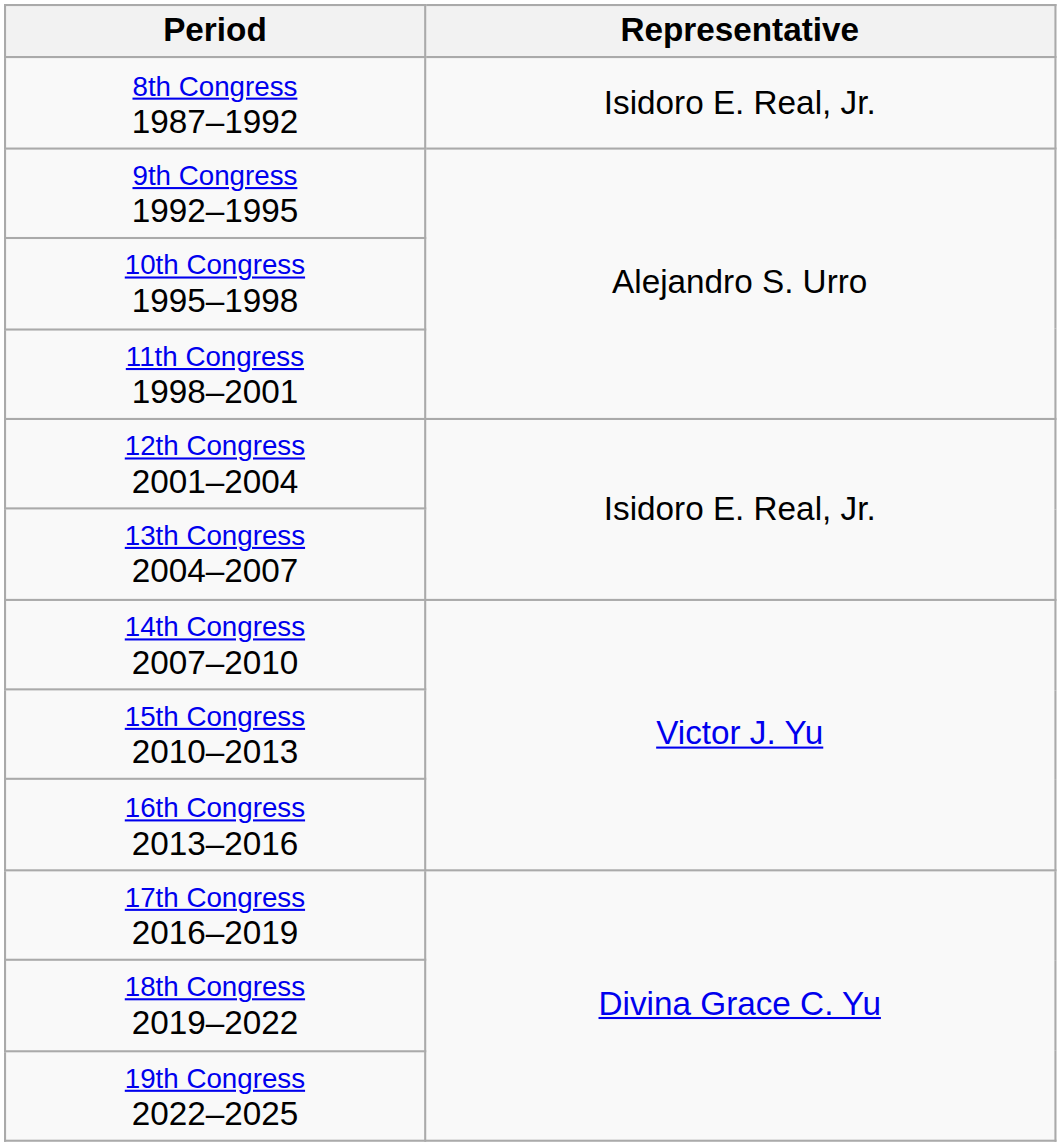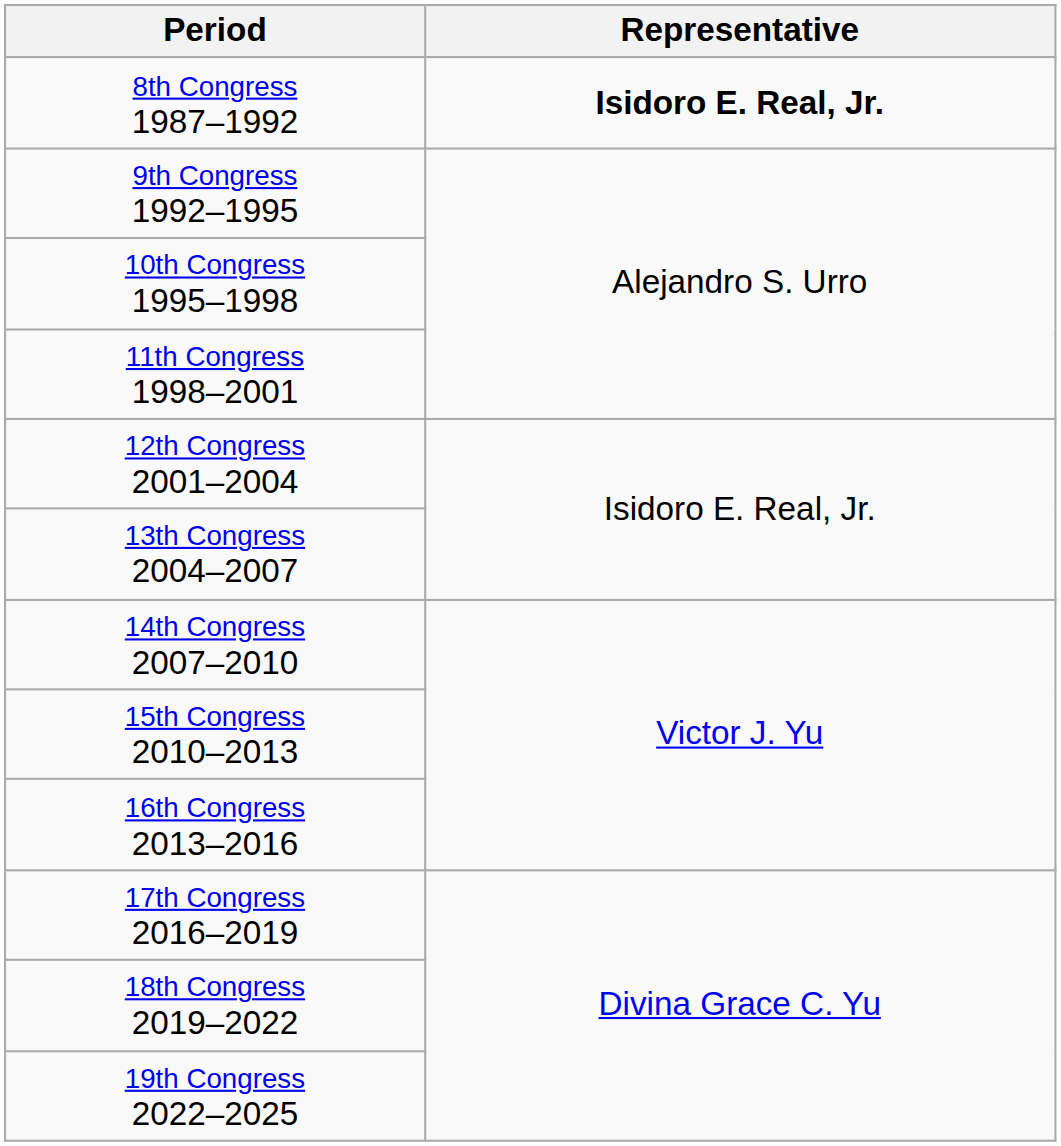 <table class="wikitable" style="text-align:center; width:40%;">
 <tr>
 <th width="40%">Period</th>
 <th>Representative</th>
 </tr>
 <tr>
 <td><small><a href='#'>8th Congress</a></small><br>1987–1992</td>
-<td>Isidoro E. Real, Jr.</td>
+<td><strong>Isidoro E. Real, Jr.</strong></td>
 </tr>
 <tr>
 <td><small><a href='#'>9th Congress</a></small><br>1992–1995</td>
 <td rowspan="3">Alejandro S. Urro</td>
 </tr>
 <tr>
 <td><small><a href='#'>10th Congress</a></small><br>1995–1998</td>
 </tr>
 <tr>
 <td><small><a href='#'>11th Congress</a></small><br>1998–2001</td>
 </tr>
 <tr>
 <td><small><a href='#'>12th Congress</a></small><br>2001–2004</td>
 <td rowspan="2">Isidoro E. Real, Jr.</td>
 </tr>
 <tr>
 <td><small><a href='#'>13th Congress</a></small><br>2004–2007</td>
 </tr>
 <tr>
 <td><small><a href='#'>14th Congress</a></small><br>2007–2010</td>
 <td rowspan="3"><a href='#'>Victor J. Yu</a></td>
 </tr>
 <tr>
 <td><small><a href='#'>15th Congress</a></small><br>2010–2013</td>
 </tr>
 <tr>
 <td><small><a href='#'>16th Congress</a></small><br>2013–2016</td>
 </tr>
 <tr>
 <td><small><a href='#'>17th Congress</a></small><br>2016–2019</td>
 <td rowspan="3"><a href='#'>Divina Grace C. Yu</a></td>
 </tr>
 <tr>
 <td><small><a href='#'>18th Congress</a></small><br>2019–2022</td>
 </tr>
 <tr>
 <td><small><a href='#'>19th Congress</a></small><br>2022–2025</td>
 </tr>
 </table>
